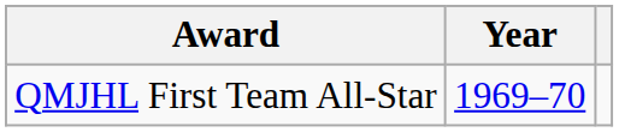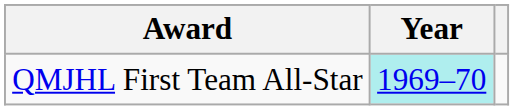 <table class="wikitable">
 <tr>
 <th>Award</th>
 <th>Year</th>
 <th></th>
 </tr>
 <tr>
 <td><a href='#'>QMJHL</a> First Team All-Star</td>
-<td><a href='#'>1969–70</a></td>
+<td style="background: paleturquoise;"><a href='#'>1969–70</a></td>
 <td></td>
 </tr>
 </table>
